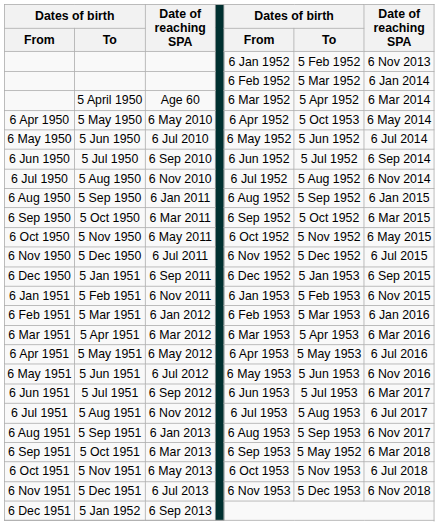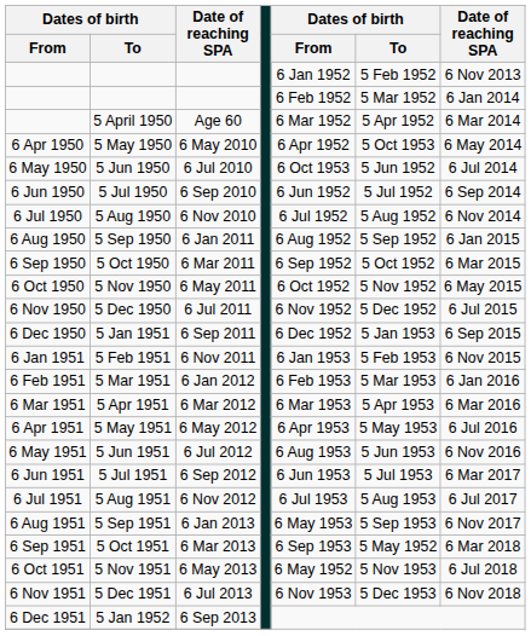 <table class="wikitable collapsible" style='text-align: center;'>
 <tr>
 <th colspan=2>Dates of birth</th>
 <th rowspan=2>Date of<br>reaching<br>SPA</th>
 <th rowspan=26 width=4 style="background:#003030;"></th>
 <th colspan=2>Dates of birth</th>
 <th rowspan=2>Date of<br>reaching<br> SPA</th>
 </tr>
 <tr>
 <th>From</th>
 <th>To</th>
 <th>From</th>
 <th>To</th>
 </tr>
 <tr>
 <td></td>
 <td></td>
 <td></td>
 <td>6 Jan 1952</td>
 <td>5 Feb 1952</td>
 <td>6 Nov 2013</td>
 </tr>
 <tr>
 <td></td>
 <td></td>
 <td></td>
 <td>6 Feb 1952</td>
 <td>5 Mar 1952</td>
 <td>6 Jan 2014</td>
 </tr>
 <tr>
 <td></td>
 <td>5 April 1950</td>
 <td>Age 60</td>
 <td>6 Mar 1952</td>
 <td>5 Apr 1952</td>
 <td>6 Mar 2014</td>
 </tr>
 <tr>
 <td>6 Apr 1950</td>
 <td>5 May 1950</td>
 <td>6 May 2010</td>
 <td>6 Apr 1952</td>
 <td>5 Oct 1953</td>
 <td>6 May 2014</td>
 </tr>
 <tr>
 <td>6 May 1950</td>
 <td>5 Jun 1950</td>
 <td>6 Jul 2010</td>
-<td>6 May 1952</td>
+<td>6 Oct 1953</td>
 <td>5 Jun 1952</td>
 <td>6 Jul 2014</td>
 </tr>
 <tr>
 <td>6 Jun 1950</td>
 <td>5 Jul 1950</td>
 <td>6 Sep 2010</td>
 <td>6 Jun 1952</td>
 <td>5 Jul 1952</td>
 <td>6 Sep 2014</td>
 </tr>
 <tr>
 <td>6 Jul 1950</td>
 <td>5 Aug 1950</td>
 <td>6 Nov 2010</td>
 <td>6 Jul 1952</td>
 <td>5 Aug 1952</td>
 <td>6 Nov 2014</td>
 </tr>
 <tr>
 <td>6 Aug 1950</td>
 <td>5 Sep 1950</td>
 <td>6 Jan 2011</td>
 <td>6 Aug 1952</td>
 <td>5 Sep 1952</td>
 <td>6 Jan 2015</td>
 </tr>
 <tr>
 <td>6 Sep 1950</td>
 <td>5 Oct 1950</td>
 <td>6 Mar 2011</td>
 <td>6 Sep 1952</td>
 <td>5 Oct 1952</td>
 <td>6 Mar 2015</td>
 </tr>
 <tr>
 <td>6 Oct 1950</td>
 <td>5 Nov 1950</td>
 <td>6 May 2011</td>
 <td>6 Oct 1952</td>
 <td>5 Nov 1952</td>
 <td>6 May 2015</td>
 </tr>
 <tr>
 <td>6 Nov 1950</td>
 <td>5 Dec 1950</td>
 <td>6 Jul 2011</td>
 <td>6 Nov 1952</td>
 <td>5 Dec 1952</td>
 <td>6 Jul 2015</td>
 </tr>
 <tr>
 <td>6 Dec 1950</td>
 <td>5 Jan 1951</td>
 <td>6 Sep 2011</td>
 <td>6 Dec 1952</td>
 <td>5 Jan 1953</td>
 <td>6 Sep 2015</td>
 </tr>
 <tr>
 <td>6 Jan 1951</td>
 <td>5 Feb 1951</td>
 <td>6 Nov 2011</td>
 <td>6 Jan 1953</td>
 <td>5 Feb 1953</td>
 <td>6 Nov 2015</td>
 </tr>
 <tr>
 <td>6 Feb 1951</td>
 <td>5 Mar 1951</td>
 <td>6 Jan 2012</td>
 <td>6 Feb 1953</td>
 <td>5 Mar 1953</td>
 <td>6 Jan 2016</td>
 </tr>
 <tr>
 <td>6 Mar 1951</td>
 <td>5 Apr 1951</td>
 <td>6 Mar 2012</td>
 <td>6 Mar 1953</td>
 <td>5 Apr 1953</td>
 <td>6 Mar 2016</td>
 </tr>
 <tr>
 <td>6 Apr 1951</td>
 <td>5 May 1951</td>
 <td>6 May 2012</td>
 <td>6 Apr 1953</td>
 <td>5 May 1953</td>
 <td>6 Jul 2016</td>
 </tr>
 <tr>
 <td>6 May 1951</td>
 <td>5 Jun 1951</td>
 <td>6 Jul 2012</td>
-<td>6 May 1953</td>
+<td>6 Aug 1953</td>
 <td>5 Jun 1953</td>
 <td>6 Nov 2016</td>
 </tr>
 <tr>
 <td>6 Jun 1951</td>
 <td>5 Jul 1951</td>
 <td>6 Sep 2012</td>
 <td>6 Jun 1953</td>
 <td>5 Jul 1953</td>
 <td>6 Mar 2017</td>
 </tr>
 <tr>
 <td>6 Jul 1951</td>
 <td>5 Aug 1951</td>
 <td>6 Nov 2012</td>
 <td>6 Jul 1953</td>
 <td>5 Aug 1953</td>
 <td>6 Jul 2017</td>
 </tr>
 <tr>
 <td>6 Aug 1951</td>
 <td>5 Sep 1951</td>
 <td>6 Jan 2013</td>
-<td>6 Aug 1953</td>
+<td>6 May 1953</td>
 <td>5 Sep 1953</td>
 <td>6 Nov 2017</td>
 </tr>
 <tr>
 <td>6 Sep 1951</td>
 <td>5 Oct 1951</td>
 <td>6 Mar 2013</td>
 <td>6 Sep 1953</td>
 <td>5 May 1952</td>
 <td>6 Mar 2018</td>
 </tr>
 <tr>
 <td>6 Oct 1951</td>
 <td>5 Nov 1951</td>
 <td>6 May 2013</td>
-<td>6 Oct 1953</td>
+<td>6 May 1952</td>
 <td>5 Nov 1953</td>
 <td>6 Jul 2018</td>
 </tr>
 <tr>
 <td>6 Nov 1951</td>
 <td>5 Dec 1951</td>
 <td>6 Jul 2013</td>
 <td>6 Nov 1953</td>
 <td>5 Dec 1953</td>
 <td>6 Nov 2018</td>
 </tr>
 <tr>
 <td>6 Dec 1951</td>
 <td>5 Jan 1952</td>
 <td>6 Sep 2013</td>
 </tr>
 <tr>
 </tr>
 </table>
